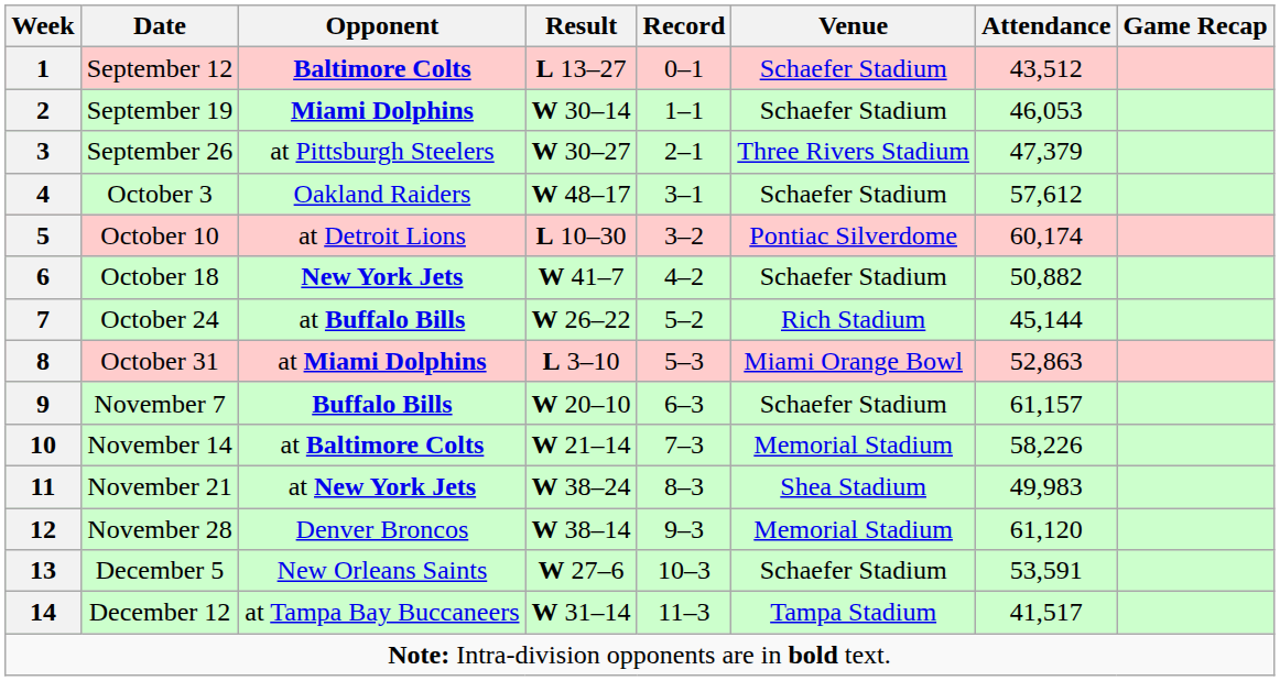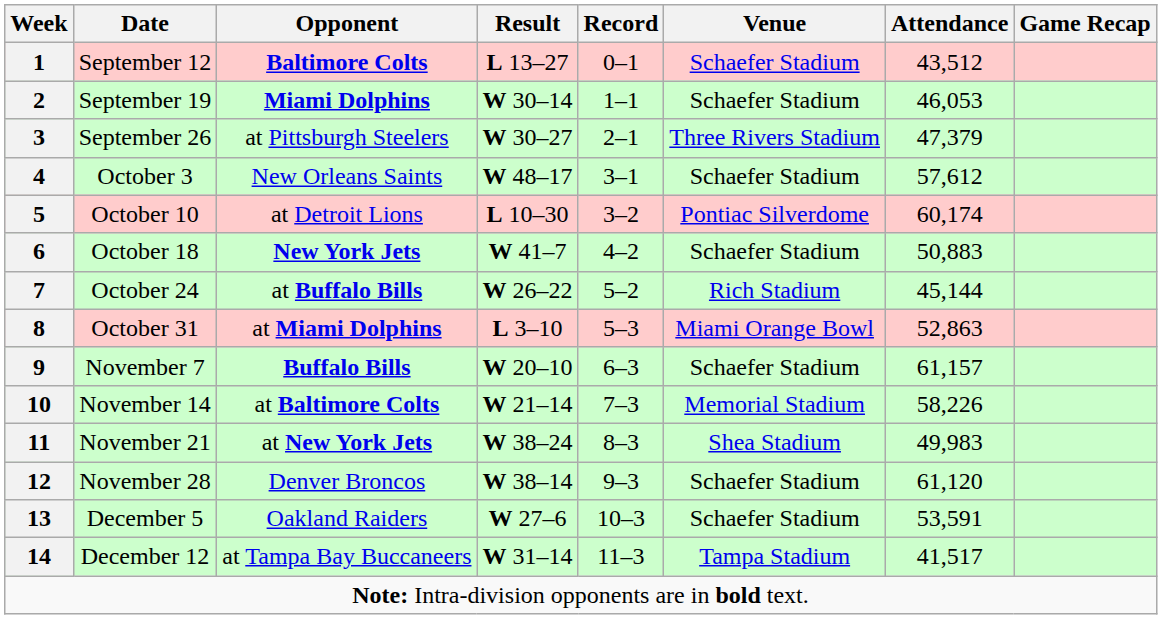 <table class="wikitable" style="text-align:center">
 <tr>
 <th>Week</th>
 <th>Date</th>
 <th>Opponent</th>
 <th>Result</th>
 <th>Record</th>
 <th>Venue</th>
 <th>Attendance</th>
 <th>Game Recap</th>
 </tr>
 <tr style="background:#fcc">
 <th>1</th>
 <td>September 12</td>
 <td><strong><a href='#'>Baltimore Colts</a></strong></td>
 <td><strong>L</strong> 13–27</td>
 <td>0–1</td>
 <td><a href='#'>Schaefer Stadium</a></td>
 <td>43,512</td>
 <td></td>
 </tr>
 <tr style="background:#cfc">
 <th>2</th>
 <td>September 19</td>
 <td><strong><a href='#'>Miami Dolphins</a></strong></td>
 <td><strong>W</strong> 30–14</td>
 <td>1–1</td>
 <td>Schaefer Stadium</td>
 <td>46,053</td>
 <td></td>
 </tr>
 <tr style="background:#cfc">
 <th>3</th>
 <td>September 26</td>
 <td>at <a href='#'>Pittsburgh Steelers</a></td>
 <td><strong>W</strong> 30–27</td>
 <td>2–1</td>
 <td><a href='#'>Three Rivers Stadium</a></td>
 <td>47,379</td>
 <td></td>
 </tr>
 <tr style="background:#cfc">
 <th>4</th>
 <td>October 3</td>
-<td><a href='#'>Oakland Raiders</a></td>
+<td><a href='#'>New Orleans Saints</a></td>
 <td><strong>W</strong> 48–17</td>
 <td>3–1</td>
 <td>Schaefer Stadium</td>
 <td>57,612</td>
 <td></td>
 </tr>
 <tr style="background:#fcc">
 <th>5</th>
 <td>October 10</td>
 <td>at <a href='#'>Detroit Lions</a></td>
 <td><strong>L</strong> 10–30</td>
 <td>3–2</td>
 <td><a href='#'>Pontiac Silverdome</a></td>
 <td>60,174</td>
 <td></td>
 </tr>
 <tr style="background:#cfc">
 <th>6</th>
 <td>October 18</td>
 <td><strong><a href='#'>New York Jets</a></strong></td>
 <td><strong>W</strong> 41–7</td>
 <td>4–2</td>
 <td>Schaefer Stadium</td>
-<td>50,882</td>
+<td>50,883</td>
 <td></td>
 </tr>
 <tr style="background:#cfc">
 <th>7</th>
 <td>October 24</td>
 <td>at <strong><a href='#'>Buffalo Bills</a></strong></td>
 <td><strong>W</strong> 26–22</td>
 <td>5–2</td>
 <td><a href='#'>Rich Stadium</a></td>
 <td>45,144</td>
 <td></td>
 </tr>
 <tr style="background:#fcc">
 <th>8</th>
 <td>October 31</td>
 <td>at <strong><a href='#'>Miami Dolphins</a></strong></td>
 <td><strong>L</strong> 3–10</td>
 <td>5–3</td>
 <td><a href='#'>Miami Orange Bowl</a></td>
 <td>52,863</td>
 <td></td>
 </tr>
 <tr style="background:#cfc">
 <th>9</th>
 <td>November 7</td>
 <td><strong><a href='#'>Buffalo Bills</a></strong></td>
 <td><strong>W</strong> 20–10</td>
 <td>6–3</td>
 <td>Schaefer Stadium</td>
 <td>61,157</td>
 <td></td>
 </tr>
 <tr style="background:#cfc">
 <th>10</th>
 <td>November 14</td>
 <td>at <strong><a href='#'>Baltimore Colts</a></strong></td>
 <td><strong>W</strong> 21–14</td>
 <td>7–3</td>
 <td><a href='#'>Memorial Stadium</a></td>
 <td>58,226</td>
 <td></td>
 </tr>
 <tr style="background:#cfc">
 <th>11</th>
 <td>November 21</td>
 <td>at <strong><a href='#'>New York Jets</a></strong></td>
 <td><strong>W</strong> 38–24</td>
 <td>8–3</td>
 <td><a href='#'>Shea Stadium</a></td>
 <td>49,983</td>
 <td></td>
 </tr>
 <tr style="background:#cfc">
 <th>12</th>
 <td>November 28</td>
 <td><a href='#'>Denver Broncos</a></td>
 <td><strong>W</strong> 38–14</td>
 <td>9–3</td>
-<td><a href='#'>Memorial Stadium</a></td>
+<td>Schaefer Stadium</td>
 <td>61,120</td>
 <td></td>
 </tr>
 <tr style="background:#cfc">
 <th>13</th>
 <td>December 5</td>
-<td><a href='#'>New Orleans Saints</a></td>
+<td><a href='#'>Oakland Raiders</a></td>
 <td><strong>W</strong> 27–6</td>
 <td>10–3</td>
 <td>Schaefer Stadium</td>
 <td>53,591</td>
 <td></td>
 </tr>
 <tr style="background:#cfc">
 <th>14</th>
 <td>December 12</td>
 <td>at <a href='#'>Tampa Bay Buccaneers</a></td>
 <td><strong>W</strong> 31–14</td>
 <td>11–3</td>
 <td><a href='#'>Tampa Stadium</a></td>
 <td>41,517</td>
 <td></td>
 </tr>
 <tr>
 <td colspan="8"><strong>Note:</strong> Intra-division opponents are in <strong>bold</strong> text.</td>
 </tr>
 </table>
